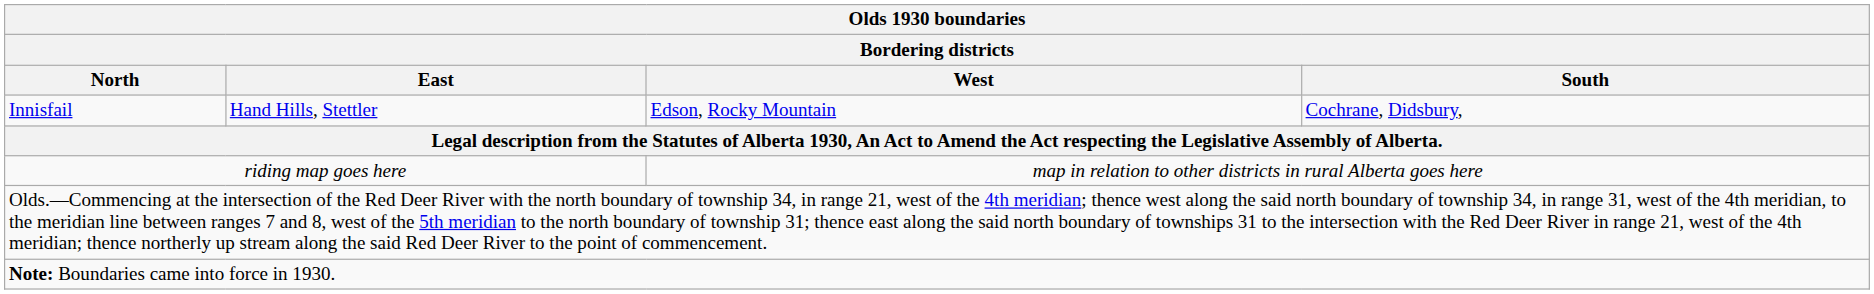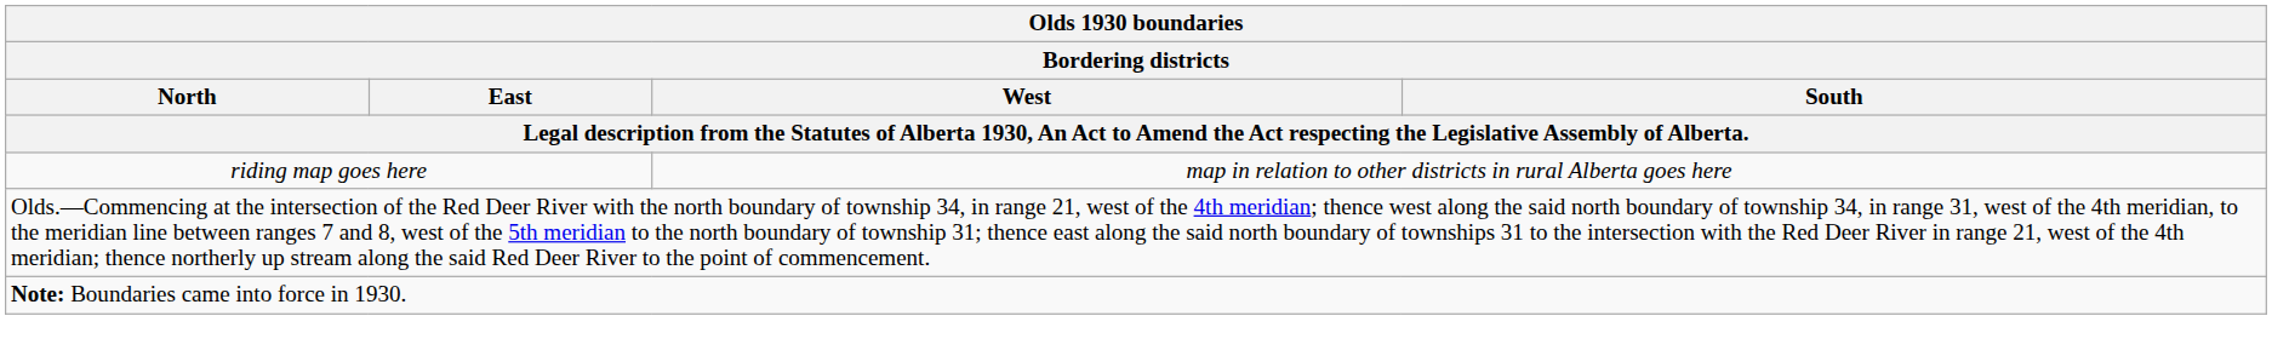 <table class="wikitable collapsible collapsed">
 <tr>
 <th colspan=4>Olds 1930 boundaries</th>
 </tr>
 <tr>
 <th colspan=4>Bordering districts</th>
 </tr>
 <tr>
 <th>North</th>
 <th>East</th>
 <th>West</th>
 <th>South</th>
-</tr>
-<tr>
-<td><a href='#'>Innisfail</a></td>
-<td><a href='#'>Hand Hills</a>, <a href='#'>Stettler</a></td>
-<td><a href='#'>Edson</a>, <a href='#'>Rocky Mountain</a></td>
-<td><a href='#'>Cochrane</a>, <a href='#'>Didsbury</a>,</td>
 </tr>
 <tr>
 <th colspan=4>Legal description from the Statutes of Alberta 1930, An Act to Amend the Act respecting the Legislative Assembly of Alberta.</th>
 </tr>
 <tr>
 <td colspan=2 align=center><em>riding map goes here</em></td>
 <td colspan=2 align=center><em>map in relation to other districts in rural Alberta goes here</em></td>
 </tr>
 <tr>
 <td colspan=4>Olds.—Commencing at the intersection of the Red Deer River with the north boundary of township 34, in range 21, west of the <a href='#'>4th meridian</a>; thence west along the said north boundary of township 34, in range 31, west of the 4th meridian, to the meridian line between ranges 7 and 8, west of the <a href='#'>5th meridian</a> to the north boundary of township 31; thence east along the said north boundary of townships 31 to the intersection with the Red Deer River in range 21, west of the 4th meridian; thence northerly up stream along the said Red Deer River to the point of commencement.</td>
 </tr>
 <tr>
 <td colspan=4><strong>Note:</strong> Boundaries came into force in 1930.</td>
 </tr>
 </table>
